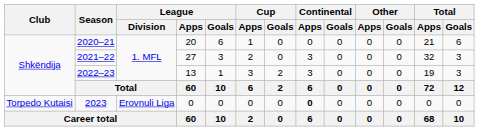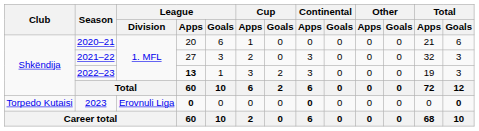 <table class=wikitable style=text-align:center>
 <tr>
 <th rowspan=2>Club</th>
 <th rowspan=2>Season</th>
 <th colspan=3>League</th>
 <th colspan=2>Cup</th>
 <th colspan=2>Continental</th>
 <th colspan=2>Other</th>
 <th colspan=2>Total</th>
 </tr>
 <tr>
 <th>Division</th>
 <th>Apps</th>
 <th>Goals</th>
 <th>Apps</th>
 <th>Goals</th>
 <th>Apps</th>
 <th>Goals</th>
 <th>Apps</th>
 <th>Goals</th>
 <th>Apps</th>
 <th>Goals</th>
 </tr>
 <tr>
 <td rowspan="4"><a href='#'>Shkëndija</a></td>
 <td><a href='#'>2020–21</a></td>
 <td rowspan="3"><a href='#'>1. MFL</a></td>
 <td>20</td>
 <td>6</td>
 <td>1</td>
 <td>0</td>
 <td>0</td>
 <td>0</td>
 <td>0</td>
 <td>0</td>
 <td>21</td>
 <td>6</td>
 </tr>
 <tr>
 <td><a href='#'>2021–22</a></td>
 <td>27</td>
 <td>3</td>
 <td>2</td>
 <td>0</td>
 <td>3</td>
 <td>0</td>
 <td>0</td>
 <td>0</td>
 <td>32</td>
 <td>3</td>
 </tr>
 <tr>
 <td><a href='#'>2022–23</a></td>
-<td>13</td>
+<td><strong>13</strong></td>
 <td>1</td>
 <td>3</td>
 <td>2</td>
 <td>3</td>
 <td>0</td>
 <td>0</td>
 <td>0</td>
 <td>19</td>
 <td>3</td>
 </tr>
 <tr>
 <th colspan=2>Total</th>
 <th>60</th>
 <th>10</th>
 <th>6</th>
 <th>2</th>
 <th>6</th>
 <th>0</th>
 <th>0</th>
 <th>0</th>
 <th>72</th>
 <th>12</th>
 </tr>
 <tr>
 <td><a href='#'>Torpedo Kutaisi</a></td>
 <td><a href='#'>2023</a></td>
 <td><a href='#'>Erovnuli Liga</a></td>
-<td>0</td>
+<td><strong>0</strong></td>
 <td>0</td>
 <td>0</td>
 <td>0</td>
 <td><strong>0</strong></td>
 <td>0</td>
 <td>0</td>
 <td>0</td>
 <td>0</td>
-<td>0</td>
+<td><strong>0</strong></td>
 </tr>
 <tr>
 <th colspan=3>Career total</th>
 <th>60</th>
 <th>10</th>
 <th>2</th>
 <th>0</th>
 <th>6</th>
 <th>0</th>
 <th>0</th>
 <th>0</th>
 <th>68</th>
 <th>10</th>
 </tr>
 </table>
